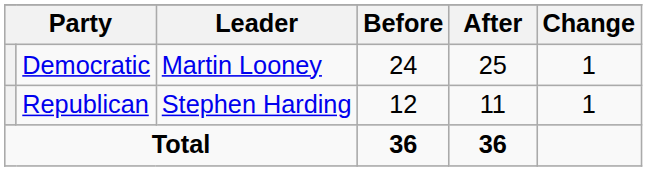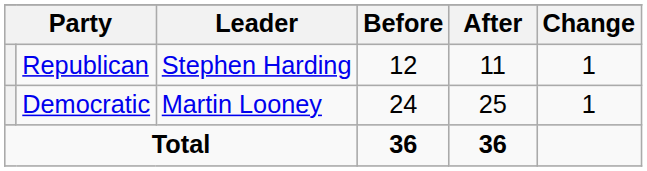 <table class="wikitable" style="text-align:center;">
 <tr>
 </tr>
 <tr>
 <th colspan="2">Party</th>
 <th>Leader</th>
 <th style="width:3em">Before</th>
 <th style="width:3em">After</th>
 <th style="width:3em">Change</th>
 </tr>
 <tr>
 <th style="background-color:"></th>
+<td style="text-align:left;"><a href='#'>Republican</a></td>
+<td style="text-align:left;"><a href='#'>Stephen Harding</a></td>
+<td>12</td>
+<td>11</td>
+<td> 1</td>
+</tr>
+<tr>
+<th style="background-color:"></th>
 <td style="text-align:left;"><a href='#'>Democratic</a></td>
 <td style="text-align:left;"><a href='#'>Martin Looney</a></td>
 <td>24</td>
 <td>25</td>
-<td> 1</td>
-</tr>
-<tr>
-<th style="background-color:"></th>
-<td style="text-align:left;"><a href='#'>Republican</a></td>
-<td style="text-align:left;"><a href='#'>Stephen Harding</a></td>
-<td>12</td>
-<td>11</td>
 <td> 1</td>
 </tr>
 <tr>
 <td colspan="3"><strong>Total</strong></td>
 <td><strong>36</strong></td>
 <td><strong>36</strong></td>
 <td></td>
 </tr>
 </table>
